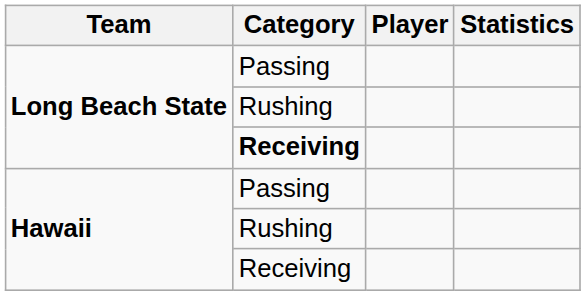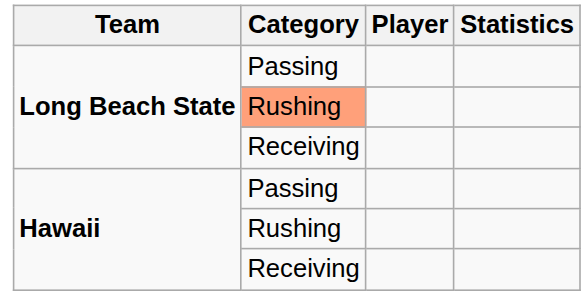 <table class="wikitable" style="float: right;">
 <tr>
 <th>Team</th>
 <th>Category</th>
 <th>Player</th>
 <th>Statistics</th>
 </tr>
 <tr>
 <td rowspan=3><strong>Long Beach State</strong></td>
 <td>Passing</td>
 <td></td>
 <td></td>
 </tr>
 <tr>
-<td>Rushing</td>
+<td style="background: lightsalmon;">Rushing</td>
 <td></td>
 <td></td>
 </tr>
 <tr>
-<td><strong>Receiving</strong></td>
+<td>Receiving</td>
 <td></td>
 <td></td>
 </tr>
 <tr>
 <td rowspan=3><strong>Hawaii</strong></td>
 <td>Passing</td>
 <td></td>
 <td></td>
 </tr>
 <tr>
 <td>Rushing</td>
 <td></td>
 <td></td>
 </tr>
 <tr>
 <td>Receiving</td>
 <td></td>
 <td></td>
 </tr>
 </table>
